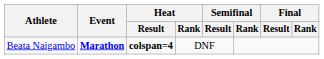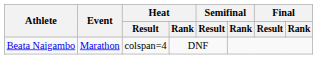 <table class="wikitable" style="font-size:90%">
 <tr>
 <th rowspan="2">Athlete</th>
 <th rowspan="2">Event</th>
 <th colspan="2">Heat</th>
 <th colspan="2">Semifinal</th>
 <th colspan="2">Final</th>
 </tr>
 <tr style="font-size:95%">
 <th>Result</th>
 <th>Rank</th>
 <th>Result</th>
 <th>Rank</th>
 <th>Result</th>
 <th>Rank</th>
 </tr>
 <tr style=text-align:center>
 <td style=text-align:left><a href='#'>Beata Naigambo</a></td>
-<td style=text-align:left><strong><a href='#'>Marathon</a></strong></td>
-<td><strong>colspan=4 </strong></td>
+<td style=text-align:left><a href='#'>Marathon</a></td>
+<td>colspan=4 </td>
 <td colspan=2>DNF</td>
 </tr>
 </table>
